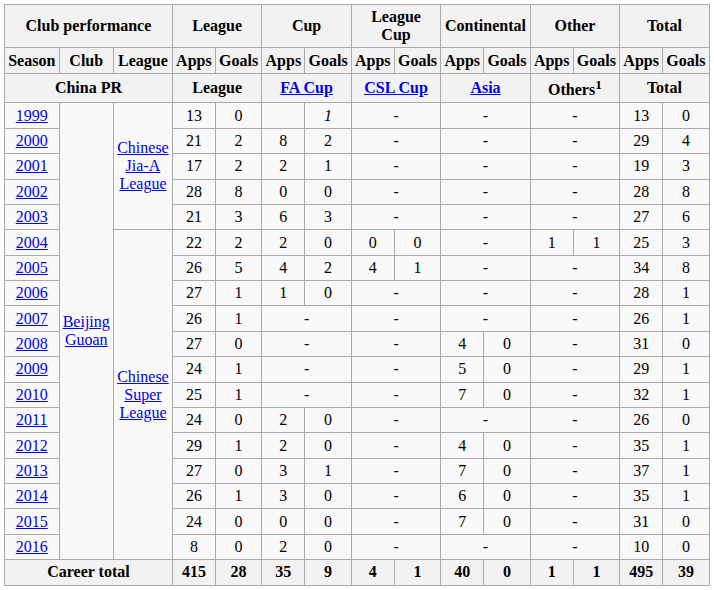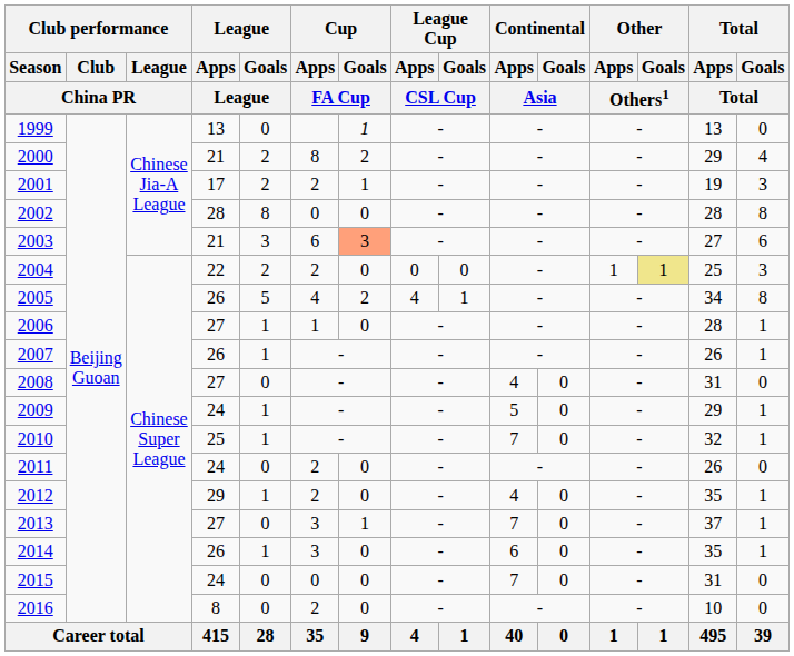 <table class="wikitable" style="text-align:center">
 <tr>
 <th colspan=3>Club performance</th>
 <th colspan=2>League</th>
 <th colspan=2>Cup</th>
 <th colspan=2>League Cup</th>
 <th colspan=2>Continental</th>
 <th colspan=2>Other</th>
 <th colspan=2>Total</th>
 </tr>
 <tr>
 <th>Season</th>
 <th>Club</th>
 <th>League</th>
 <th>Apps</th>
 <th>Goals</th>
 <th>Apps</th>
 <th>Goals</th>
 <th>Apps</th>
 <th>Goals</th>
 <th>Apps</th>
 <th>Goals</th>
 <th>Apps</th>
 <th>Goals</th>
 <th>Apps</th>
 <th>Goals</th>
 </tr>
 <tr>
 <th colspan=3>China PR</th>
 <th colspan=2>League</th>
 <th colspan=2><a href='#'>FA Cup</a></th>
 <th colspan=2><a href='#'>CSL Cup</a></th>
 <th colspan=2><a href='#'>Asia</a></th>
 <th colspan=2>Others<sup>1</sup></th>
 <th colspan=2>Total</th>
 </tr>
 <tr>
 <td><a href='#'>1999</a></td>
 <td rowspan="18"><a href='#'>Beijing Guoan</a></td>
 <td rowspan="5"><a href='#'>Chinese Jia-A League</a></td>
 <td>13</td>
 <td>0</td>
 <td></td>
 <td><em>1</em></td>
 <td colspan="2">-</td>
 <td colspan="2">-</td>
 <td colspan="2">-</td>
 <td>13</td>
 <td>0</td>
 </tr>
 <tr>
 <td><a href='#'>2000</a></td>
 <td>21</td>
 <td>2</td>
 <td>8</td>
 <td>2</td>
 <td colspan="2">-</td>
 <td colspan="2">-</td>
 <td colspan="2">-</td>
 <td>29</td>
 <td>4</td>
 </tr>
 <tr>
 <td><a href='#'>2001</a></td>
 <td>17</td>
 <td>2</td>
 <td>2</td>
 <td>1</td>
 <td colspan="2">-</td>
 <td colspan="2">-</td>
 <td colspan="2">-</td>
 <td>19</td>
 <td>3</td>
 </tr>
 <tr>
 <td><a href='#'>2002</a></td>
 <td>28</td>
 <td>8</td>
 <td>0</td>
 <td>0</td>
 <td colspan="2">-</td>
 <td colspan="2">-</td>
 <td colspan="2">-</td>
 <td>28</td>
 <td>8</td>
 </tr>
 <tr>
 <td><a href='#'>2003</a></td>
 <td>21</td>
 <td>3</td>
 <td>6</td>
-<td>3</td>
+<td style="background: lightsalmon;">3</td>
 <td colspan="2">-</td>
 <td colspan="2">-</td>
 <td colspan="2">-</td>
 <td>27</td>
 <td>6</td>
 </tr>
 <tr>
 <td><a href='#'>2004</a></td>
 <td rowspan="13"><a href='#'>Chinese Super League</a></td>
 <td>22</td>
 <td>2</td>
 <td>2</td>
 <td>0</td>
 <td>0</td>
 <td>0</td>
 <td colspan="2">-</td>
 <td>1</td>
-<td>1</td>
+<td style="background: khaki;">1</td>
 <td>25</td>
 <td>3</td>
 </tr>
 <tr>
 <td><a href='#'>2005</a></td>
 <td>26</td>
 <td>5</td>
 <td>4</td>
 <td>2</td>
 <td>4</td>
 <td>1</td>
 <td colspan="2">-</td>
 <td colspan="2">-</td>
 <td>34</td>
 <td>8</td>
 </tr>
 <tr>
 <td><a href='#'>2006</a></td>
 <td>27</td>
 <td>1</td>
 <td>1</td>
 <td>0</td>
 <td colspan="2">-</td>
 <td colspan="2">-</td>
 <td colspan="2">-</td>
 <td>28</td>
 <td>1</td>
 </tr>
 <tr>
 <td><a href='#'>2007</a></td>
 <td>26</td>
 <td>1</td>
 <td colspan="2">-</td>
 <td colspan="2">-</td>
 <td colspan="2">-</td>
 <td colspan="2">-</td>
 <td>26</td>
 <td>1</td>
 </tr>
 <tr>
 <td><a href='#'>2008</a></td>
 <td>27</td>
 <td>0</td>
 <td colspan="2">-</td>
 <td colspan="2">-</td>
 <td>4</td>
 <td>0</td>
 <td colspan="2">-</td>
 <td>31</td>
 <td>0</td>
 </tr>
 <tr>
 <td><a href='#'>2009</a></td>
 <td>24</td>
 <td>1</td>
 <td colspan="2">-</td>
 <td colspan="2">-</td>
 <td>5</td>
 <td>0</td>
 <td colspan="2">-</td>
 <td>29</td>
 <td>1</td>
 </tr>
 <tr>
 <td><a href='#'>2010</a></td>
 <td>25</td>
 <td>1</td>
 <td colspan="2">-</td>
 <td colspan="2">-</td>
 <td>7</td>
 <td>0</td>
 <td colspan="2">-</td>
 <td>32</td>
 <td>1</td>
 </tr>
 <tr>
 <td><a href='#'>2011</a></td>
 <td>24</td>
 <td>0</td>
 <td>2</td>
 <td>0</td>
 <td colspan="2">-</td>
 <td colspan="2">-</td>
 <td colspan="2">-</td>
 <td>26</td>
 <td>0</td>
 </tr>
 <tr>
 <td><a href='#'>2012</a></td>
 <td>29</td>
 <td>1</td>
 <td>2</td>
 <td>0</td>
 <td colspan="2">-</td>
 <td>4</td>
 <td>0</td>
 <td colspan="2">-</td>
 <td>35</td>
 <td>1</td>
 </tr>
 <tr>
 <td><a href='#'>2013</a></td>
 <td>27</td>
 <td>0</td>
 <td>3</td>
 <td>1</td>
 <td colspan="2">-</td>
 <td>7</td>
 <td>0</td>
 <td colspan="2">-</td>
 <td>37</td>
 <td>1</td>
 </tr>
 <tr>
 <td><a href='#'>2014</a></td>
 <td>26</td>
 <td>1</td>
 <td>3</td>
 <td>0</td>
 <td colspan="2">-</td>
 <td>6</td>
 <td>0</td>
 <td colspan="2">-</td>
 <td>35</td>
 <td>1</td>
 </tr>
 <tr>
 <td><a href='#'>2015</a></td>
 <td>24</td>
 <td>0</td>
 <td>0</td>
 <td>0</td>
 <td colspan="2">-</td>
 <td>7</td>
 <td>0</td>
 <td colspan="2">-</td>
 <td>31</td>
 <td>0</td>
 </tr>
 <tr>
 <td><a href='#'>2016</a></td>
 <td>8</td>
 <td>0</td>
 <td>2</td>
 <td>0</td>
 <td colspan="2">-</td>
 <td colspan="2">-</td>
 <td colspan="2">-</td>
 <td>10</td>
 <td>0</td>
 </tr>
 <tr>
 <th colspan=3>Career total</th>
 <th>415</th>
 <th>28</th>
 <th>35</th>
 <th>9</th>
 <th>4</th>
 <th>1</th>
 <th>40</th>
 <th>0</th>
 <th>1</th>
 <th>1</th>
 <th>495</th>
 <th>39</th>
 </tr>
 </table>
